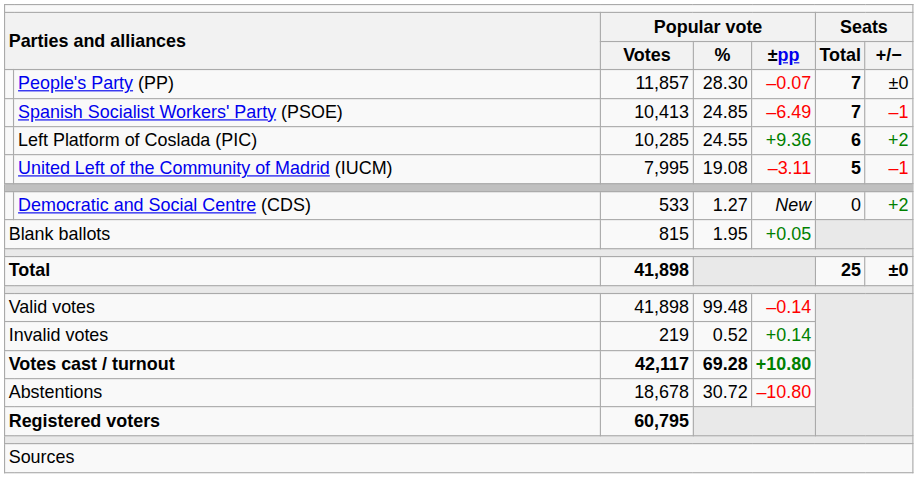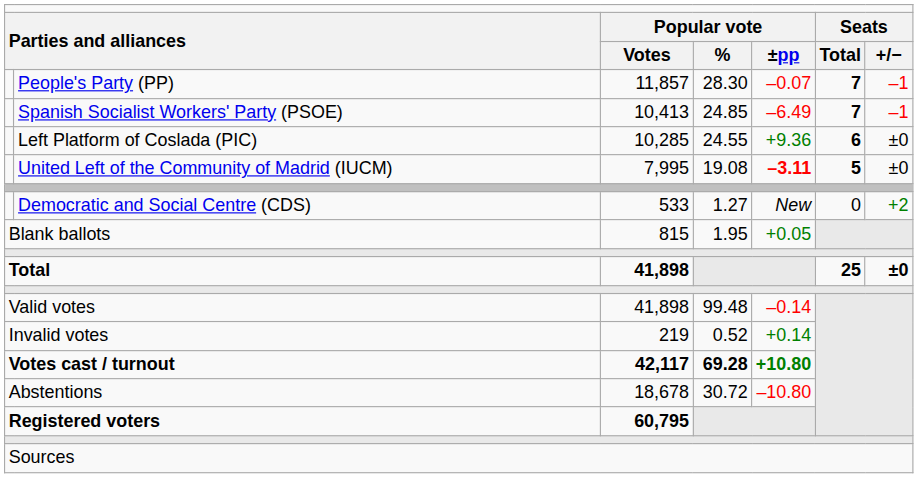 <table class="wikitable" style="text-align:right;">
 <tr>
 <td colspan="7"></td>
 </tr>
 <tr>
 <th style="text-align:left;" rowspan="2" colspan="2" width="525">Parties and alliances</th>
 <th colspan="3">Popular vote</th>
 <th colspan="2">Seats</th>
 </tr>
 <tr>
 <th width="75">Votes</th>
 <th width="45">%</th>
 <th width="45">±<a href='#'>pp</a></th>
 <th width="35">Total</th>
 <th width="35">+/−</th>
 </tr>
 <tr>
 <td width="1" style="color:inherit;background:"></td>
 <td align="left"><a href='#'>People's Party</a> (PP)</td>
 <td>11,857</td>
 <td>28.30</td>
 <td style="color:red;">–0.07</td>
 <td><strong>7</strong></td>
-<td>±0</td>
+<td style="color:red;">–1</td>
 </tr>
 <tr>
 <td style="color:inherit;background:"></td>
 <td align="left"><a href='#'>Spanish Socialist Workers' Party</a> (PSOE)</td>
 <td>10,413</td>
 <td>24.85</td>
 <td style="color:red;">–6.49</td>
 <td><strong>7</strong></td>
 <td style="color:red;">–1</td>
 </tr>
 <tr>
 <td style="color:inherit;background:"></td>
 <td align="left">Left Platform of Coslada (PIC)</td>
 <td>10,285</td>
 <td>24.55</td>
 <td style="color:green;">+9.36</td>
 <td><strong>6</strong></td>
-<td style="color:green;">+2</td>
+<td>±0</td>
 </tr>
 <tr>
 <td style="color:inherit;background:"></td>
 <td align="left"><a href='#'>United Left of the Community of Madrid</a> (IUCM)</td>
 <td>7,995</td>
 <td>19.08</td>
-<td style="color:red;">–3.11</td>
+<td style="color:red;"><strong>–3.11</strong></td>
 <td><strong>5</strong></td>
-<td style="color:red;">–1</td>
+<td>±0</td>
 </tr>
 <tr>
 <td colspan="7" bgcolor="#C0C0C0"></td>
 </tr>
 <tr>
 <td style="color:inherit;background:"></td>
 <td align="left"><a href='#'>Democratic and Social Centre</a> (CDS)</td>
 <td>533</td>
 <td>1.27</td>
 <td><em>New</em></td>
 <td>0</td>
 <td style="color:green;">+2</td>
 </tr>
 <tr>
 <td align="left" colspan="2">Blank ballots</td>
 <td>815</td>
 <td>1.95</td>
 <td style="color:green;">+0.05</td>
 <td bgcolor="#E9E9E9" colspan="2"></td>
 </tr>
 <tr>
 <td colspan="7" bgcolor="#E9E9E9"></td>
 </tr>
 <tr style="font-weight:bold;">
 <td align="left" colspan="2">Total</td>
 <td>41,898</td>
 <td bgcolor="#E9E9E9" colspan="2"></td>
 <td>25</td>
 <td>±0</td>
 </tr>
 <tr>
 <td colspan="7" bgcolor="#E9E9E9"></td>
 </tr>
 <tr>
 <td align="left" colspan="2">Valid votes</td>
 <td>41,898</td>
 <td>99.48</td>
 <td style="color:red;">–0.14</td>
 <td bgcolor="#E9E9E9" colspan="2" rowspan="5"></td>
 </tr>
 <tr>
 <td align="left" colspan="2">Invalid votes</td>
 <td>219</td>
 <td>0.52</td>
 <td style="color:green;">+0.14</td>
 </tr>
 <tr style="font-weight:bold;">
 <td align="left" colspan="2">Votes cast / turnout</td>
 <td>42,117</td>
 <td>69.28</td>
 <td style="color:green;">+10.80</td>
 </tr>
 <tr>
 <td align="left" colspan="2">Abstentions</td>
 <td>18,678</td>
 <td>30.72</td>
 <td style="color:red;">–10.80</td>
 </tr>
 <tr style="font-weight:bold;">
 <td align="left" colspan="2">Registered voters</td>
 <td>60,795</td>
 <td bgcolor="#E9E9E9" colspan="2"></td>
 </tr>
 <tr>
 <td colspan="7" bgcolor="#E9E9E9"></td>
 </tr>
 <tr>
 <td align="left" colspan="7">Sources</td>
 </tr>
 </table>
